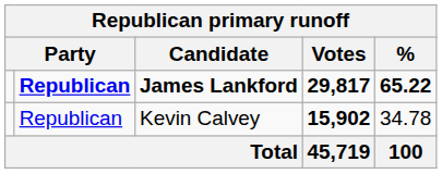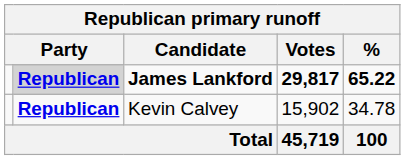 <table class=wikitable>
 <tr>
 <th colspan = 6>Republican primary runoff</th>
 </tr>
 <tr>
 <th colspan=2>Party</th>
 <th>Candidate</th>
 <th>Votes</th>
 <th>%</th>
 </tr>
 <tr>
 <td></td>
-<td><strong><a href='#'>Republican</a></strong></td>
+<td style="background: lightgrey;"><strong><a href='#'>Republican</a></strong></td>
 <td><strong>James Lankford</strong></td>
 <td align=center><strong>29,817</strong></td>
 <td align=center><strong>65.22</strong></td>
 </tr>
 <tr>
 <td></td>
-<td><a href='#'>Republican</a></td>
+<td><strong><a href='#'>Republican</a></strong></td>
 <td>Kevin Calvey</td>
-<td align=center><strong>15,902</strong></td>
+<td align=center>15,902</td>
 <td align=center>34.78</td>
 </tr>
 <tr>
 <th colspan=3; style="text-align:right;">Total</th>
 <th align=center>45,719</th>
 <th align=center>100</th>
 </tr>
 </table>
